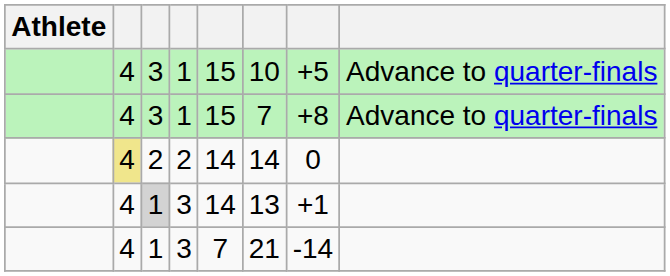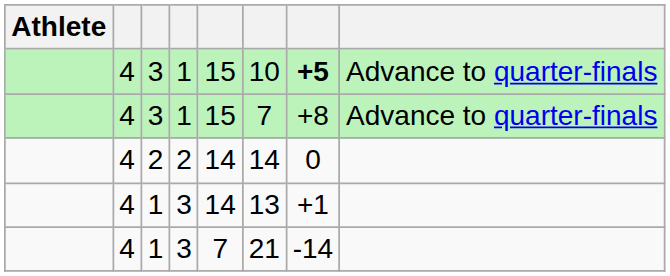 <table class=wikitable style="text-align:center">
 <tr>
 <th>Athlete</th>
 <th></th>
 <th></th>
 <th></th>
 <th></th>
 <th></th>
 <th></th>
 <th></th>
 </tr>
 <tr bgcolor=bbf3bb>
 <td style="text-align:left"></td>
 <td>4</td>
 <td>3</td>
 <td>1</td>
 <td>15</td>
 <td>10</td>
-<td>+5</td>
+<td><strong>+5</strong></td>
 <td>Advance to <a href='#'>quarter-finals</a></td>
 </tr>
 <tr bgcolor=bbf3bb>
 <td style="text-align:left"></td>
 <td>4</td>
 <td>3</td>
 <td>1</td>
 <td>15</td>
 <td>7</td>
 <td>+8</td>
 <td>Advance to <a href='#'>quarter-finals</a></td>
 </tr>
 <tr>
 <td style="text-align:left"></td>
-<td style="background: khaki;">4</td>
+<td>4</td>
 <td>2</td>
 <td>2</td>
 <td>14</td>
 <td>14</td>
 <td>0</td>
 <td></td>
 </tr>
 <tr>
 <td style="text-align:left"></td>
 <td>4</td>
-<td style="background: lightgrey;">1</td>
+<td>1</td>
 <td>3</td>
 <td>14</td>
 <td>13</td>
 <td>+1</td>
 <td></td>
 </tr>
 <tr>
 <td style="text-align:left"></td>
 <td>4</td>
 <td>1</td>
 <td>3</td>
 <td>7</td>
 <td>21</td>
 <td>-14</td>
 <td></td>
 </tr>
 </table>
